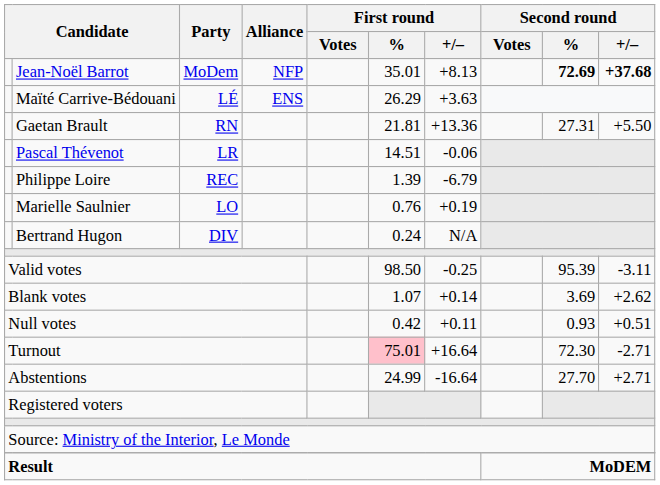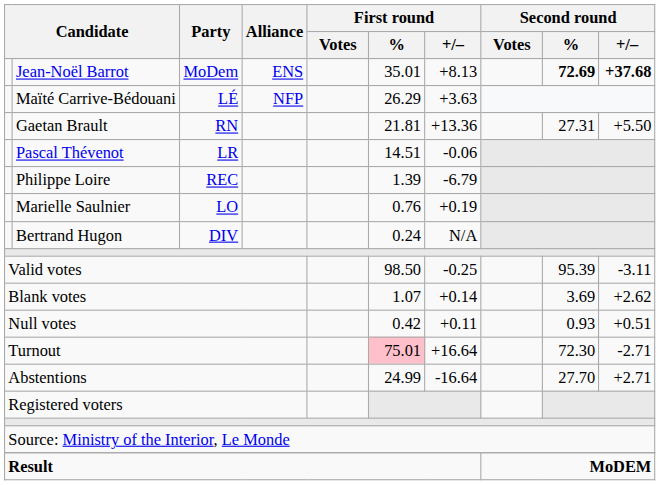 <table class="wikitable" style="text-align:right;font-size:95%;">
 <tr>
 <th rowspan="2" colspan="2">Candidate</th>
 <th rowspan="2">Party</th>
 <th rowspan="2">Alliance</th>
 <th colspan="3">First round</th>
 <th colspan="3">Second round</th>
 </tr>
 <tr>
 <th style="width:50px;">Votes</th>
 <th style="width:45px;">%</th>
 <th style="width:45px;">+/–</th>
 <th style="width:50px;">Votes</th>
 <th style="width:45px;">%</th>
 <th style="width:45px;">+/–</th>
 </tr>
 <tr>
 <td style="color:inherit;background:"></td>
 <td style="text-align:left;"><a href='#'>Jean-Noël Barrot</a></td>
 <td><a href='#'>MoDem</a></td>
-<td><a href='#'>NFP</a></td>
+<td><a href='#'>ENS</a></td>
 <td></td>
 <td>35.01</td>
 <td>+8.13</td>
 <td><strong></strong></td>
 <td><strong>72.69</strong></td>
 <td><strong>+37.68</strong></td>
 </tr>
 <tr>
 <td style="color:inherit;background:"></td>
 <td style="text-align:left;">Maïté Carrive-Bédouani</td>
 <td><a href='#'>LÉ</a></td>
-<td><a href='#'>ENS</a></td>
+<td><a href='#'>NFP</a></td>
 <td></td>
 <td>26.29</td>
 <td>+3.63</td>
 <td colspan="3" style="background:#F8F9FA;"></td>
 </tr>
 <tr>
 <td style="color:inherit;background:"></td>
 <td style="text-align:left;">Gaetan Brault</td>
 <td><a href='#'>RN</a></td>
 <td></td>
 <td></td>
 <td>21.81</td>
 <td>+13.36</td>
 <td></td>
 <td>27.31</td>
 <td>+5.50</td>
 </tr>
 <tr>
 <td style="color:inherit;background:"></td>
 <td style="text-align:left;"><a href='#'>Pascal Thévenot</a></td>
 <td><a href='#'>LR</a></td>
 <td></td>
 <td></td>
 <td>14.51</td>
 <td>-0.06</td>
 <td colspan="3" style="background:#E9E9E9;"></td>
 </tr>
 <tr>
 <td style="color:inherit;background:"></td>
 <td style="text-align:left;">Philippe Loire</td>
 <td><a href='#'>REC</a></td>
 <td></td>
 <td></td>
 <td>1.39</td>
 <td>-6.79</td>
 <td colspan="3" style="background:#E9E9E9;"></td>
 </tr>
 <tr>
 <td style="color:inherit;background:"></td>
 <td style="text-align:left;">Marielle Saulnier</td>
 <td><a href='#'>LO</a></td>
 <td></td>
 <td></td>
 <td>0.76</td>
 <td>+0.19</td>
 <td colspan="3" style="background:#E9E9E9;"></td>
 </tr>
 <tr>
 <td style="color:inherit;background:"></td>
 <td style="text-align:left;">Bertrand Hugon</td>
 <td><a href='#'>DIV</a></td>
 <td></td>
 <td></td>
 <td>0.24</td>
 <td>N/A</td>
 <td colspan="3" style="background:#E9E9E9;"></td>
 </tr>
 <tr>
 <td colspan="10" style="background:#E9E9E9;"></td>
 </tr>
 <tr>
 <td colspan="4" style="text-align:left;">Valid votes</td>
 <td></td>
 <td>98.50</td>
 <td>-0.25</td>
 <td></td>
 <td>95.39</td>
 <td>-3.11</td>
 </tr>
 <tr>
 <td colspan="4" style="text-align:left;">Blank votes</td>
 <td></td>
 <td>1.07</td>
 <td>+0.14</td>
 <td></td>
 <td>3.69</td>
 <td>+2.62</td>
 </tr>
 <tr>
 <td colspan="4" style="text-align:left;">Null votes</td>
 <td></td>
 <td>0.42</td>
 <td>+0.11</td>
 <td></td>
 <td>0.93</td>
 <td>+0.51</td>
 </tr>
 <tr>
 <td colspan="4" style="text-align:left;">Turnout</td>
 <td></td>
 <td style="background: pink;">75.01</td>
 <td>+16.64</td>
 <td></td>
 <td>72.30</td>
 <td>-2.71</td>
 </tr>
 <tr>
 <td colspan="4" style="text-align:left;">Abstentions</td>
 <td></td>
 <td>24.99</td>
 <td>-16.64</td>
 <td></td>
 <td>27.70</td>
 <td>+2.71</td>
 </tr>
 <tr>
 <td colspan="4" style="text-align:left;">Registered voters</td>
 <td></td>
 <td colspan="2" style="background:#E9E9E9;"></td>
 <td></td>
 <td colspan="2" style="background:#E9E9E9;"></td>
 </tr>
 <tr>
 <td colspan="10" style="background:#E9E9E9;"></td>
 </tr>
 <tr>
 <td colspan="10" style="text-align:left;">Source: <a href='#'>Ministry of the Interior</a>, <a href='#'>Le Monde</a></td>
 </tr>
 <tr>
 </tr>
 <tr style="font-weight:bold">
 <td colspan="7" style="text-align:left;">Result</td>
 <td colspan="7" style="background-color:">MoDEM</td>
 </tr>
 </table>
